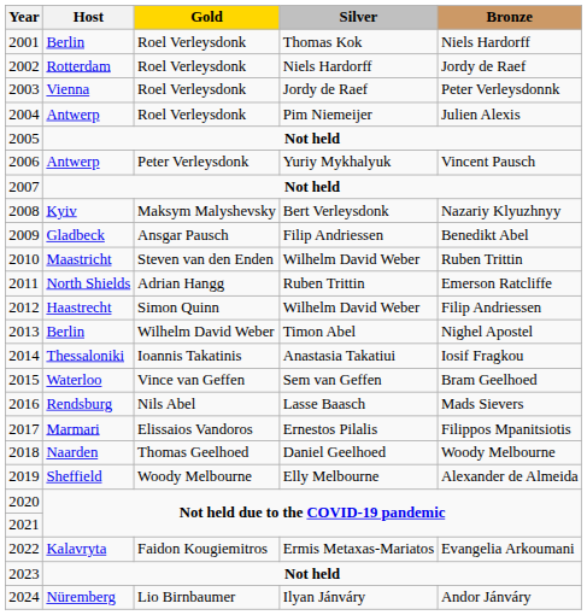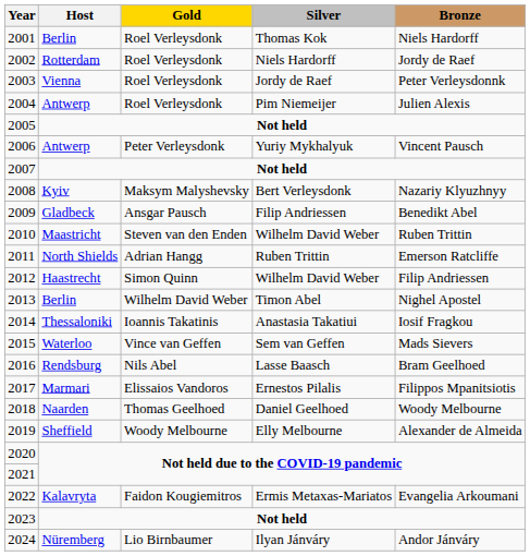 <table class="wikitable">
 <tr>
 <th>Year</th>
 <th>Host</th>
 <td align="center" bgcolor="gold"><strong>Gold</strong></td>
 <td align="center" bgcolor="silver"><strong>Silver</strong></td>
 <td align="center" bgcolor="cc9966"><strong>Bronze</strong></td>
 </tr>
 <tr>
 <td>2001</td>
 <td> <a href='#'>Berlin</a></td>
 <td> Roel Verleysdonk</td>
 <td> Thomas Kok</td>
 <td> Niels Hardorff</td>
 </tr>
 <tr>
 <td>2002</td>
 <td> <a href='#'>Rotterdam</a></td>
 <td> Roel Verleysdonk</td>
 <td> Niels Hardorff</td>
 <td> Jordy de Raef</td>
 </tr>
 <tr>
 <td>2003</td>
 <td> <a href='#'>Vienna</a></td>
 <td> Roel Verleysdonk</td>
 <td> Jordy de Raef</td>
 <td> Peter Verleysdonnk</td>
 </tr>
 <tr>
 <td>2004</td>
 <td> <a href='#'>Antwerp</a></td>
 <td> Roel Verleysdonk</td>
 <td> Pim Niemeijer</td>
 <td> Julien Alexis</td>
 </tr>
 <tr>
 <td>2005</td>
 <td colspan="4" style="text-align:center;"><strong>Not held</strong></td>
 </tr>
 <tr>
 <td>2006</td>
 <td> <a href='#'>Antwerp</a></td>
 <td> Peter Verleysdonk</td>
 <td> Yuriy Mykhalyuk</td>
 <td> Vincent Pausch</td>
 </tr>
 <tr>
 <td>2007</td>
 <td colspan="4" style="text-align:center;"><strong>Not held</strong></td>
 </tr>
 <tr>
 <td>2008</td>
 <td> <a href='#'>Kyiv</a></td>
 <td> Maksym Malyshevsky</td>
 <td> Bert Verleysdonk</td>
 <td> Nazariy Klyuzhnyy</td>
 </tr>
 <tr>
 <td>2009</td>
 <td> <a href='#'>Gladbeck</a></td>
 <td> Ansgar Pausch</td>
 <td> Filip Andriessen</td>
 <td> Benedikt Abel</td>
 </tr>
 <tr>
 <td>2010</td>
 <td> <a href='#'>Maastricht</a></td>
 <td> Steven van den Enden</td>
 <td> Wilhelm David Weber</td>
 <td> Ruben Trittin</td>
 </tr>
 <tr>
 <td>2011</td>
 <td> <a href='#'>North Shields</a></td>
 <td> Adrian Hangg</td>
 <td> Ruben Trittin</td>
 <td> Emerson Ratcliffe</td>
 </tr>
 <tr>
 <td>2012</td>
 <td> <a href='#'>Haastrecht</a></td>
 <td> Simon Quinn</td>
 <td> Wilhelm David Weber</td>
 <td> Filip Andriessen</td>
 </tr>
 <tr>
 <td>2013</td>
 <td> <a href='#'>Berlin</a></td>
 <td> Wilhelm David Weber</td>
 <td> Timon Abel</td>
 <td> Nighel Apostel</td>
 </tr>
 <tr>
 <td>2014</td>
 <td> <a href='#'>Thessaloniki</a></td>
 <td> Ioannis Takatinis</td>
 <td> Anastasia Takatiui</td>
 <td> Iosif Fragkou</td>
 </tr>
 <tr>
 <td>2015</td>
 <td> <a href='#'>Waterloo</a></td>
 <td> Vince van Geffen</td>
 <td> Sem van Geffen</td>
-<td> Bram Geelhoed</td>
+<td> Mads Sievers</td>
 </tr>
 <tr>
 <td>2016</td>
 <td> <a href='#'>Rendsburg</a></td>
 <td> Nils Abel</td>
 <td> Lasse Baasch</td>
-<td> Mads Sievers</td>
+<td> Bram Geelhoed</td>
 </tr>
 <tr>
 <td>2017</td>
 <td> <a href='#'>Marmari</a></td>
 <td> Elissaios Vandoros</td>
 <td> Ernestos Pilalis</td>
 <td> Filippos Mpanitsiotis</td>
 </tr>
 <tr>
 <td>2018</td>
 <td> <a href='#'>Naarden</a></td>
 <td> Thomas Geelhoed</td>
 <td> Daniel Geelhoed</td>
 <td> Woody Melbourne</td>
 </tr>
 <tr>
 <td>2019</td>
 <td> <a href='#'>Sheffield</a></td>
 <td> Woody Melbourne</td>
 <td> Elly Melbourne</td>
 <td> Alexander de Almeida</td>
 </tr>
 <tr>
 <td>2020</td>
 <td rowspan="2" colspan="4" style="text-align:center;"><strong>Not held due to the <a href='#'>COVID-19 pandemic</a></strong></td>
 </tr>
 <tr>
 <td>2021</td>
 </tr>
 <tr>
 <td>2022</td>
 <td> <a href='#'>Kalavryta</a></td>
 <td> Faidon Kougiemitros</td>
 <td> Ermis Metaxas-Mariatos</td>
 <td> Evangelia Arkoumani</td>
 </tr>
 <tr>
 <td>2023</td>
 <td colspan="4" style="text-align:center;"><strong>Not held</strong></td>
 </tr>
 <tr>
 <td>2024</td>
 <td> <a href='#'>Nüremberg</a></td>
 <td> Lio Birnbaumer</td>
 <td> Ilyan Jánváry</td>
 <td> Andor Jánváry</td>
 </tr>
 </table>
